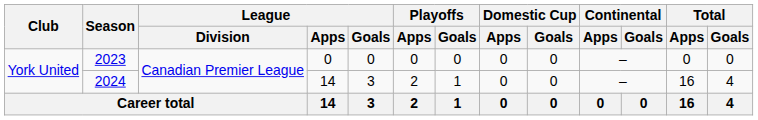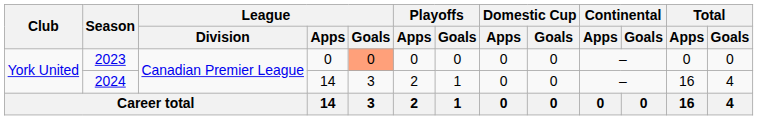 <table class="wikitable" style="text-align: center">
 <tr>
 <th rowspan="2">Club</th>
 <th rowspan="2">Season</th>
 <th colspan="3">League</th>
 <th colspan="2">Playoffs</th>
 <th colspan="2">Domestic Cup</th>
 <th colspan="2">Continental</th>
 <th colspan="2">Total</th>
 </tr>
 <tr>
 <th>Division</th>
 <th>Apps</th>
 <th>Goals</th>
 <th>Apps</th>
 <th>Goals</th>
 <th>Apps</th>
 <th>Goals</th>
 <th>Apps</th>
 <th>Goals</th>
 <th>Apps</th>
 <th>Goals</th>
 </tr>
 <tr>
 <td rowspan=2><a href='#'>York United</a></td>
 <td><a href='#'>2023</a></td>
 <td rowspan=2><a href='#'>Canadian Premier League</a></td>
 <td>0</td>
-<td>0</td>
+<td style="background: lightsalmon;">0</td>
 <td>0</td>
 <td>0</td>
 <td>0</td>
 <td>0</td>
 <td colspan="2">–</td>
 <td>0</td>
 <td>0</td>
 </tr>
 <tr>
 <td><a href='#'>2024</a></td>
 <td>14</td>
 <td>3</td>
 <td>2</td>
 <td>1</td>
 <td>0</td>
 <td>0</td>
 <td colspan="2">–</td>
 <td>16</td>
 <td>4</td>
 </tr>
 <tr>
 <th colspan="3"><strong>Career total</strong></th>
 <th>14</th>
 <th>3</th>
 <th>2</th>
 <th>1</th>
 <th>0</th>
 <th>0</th>
 <th>0</th>
 <th>0</th>
 <th>16</th>
 <th>4</th>
 </tr>
 </table>
